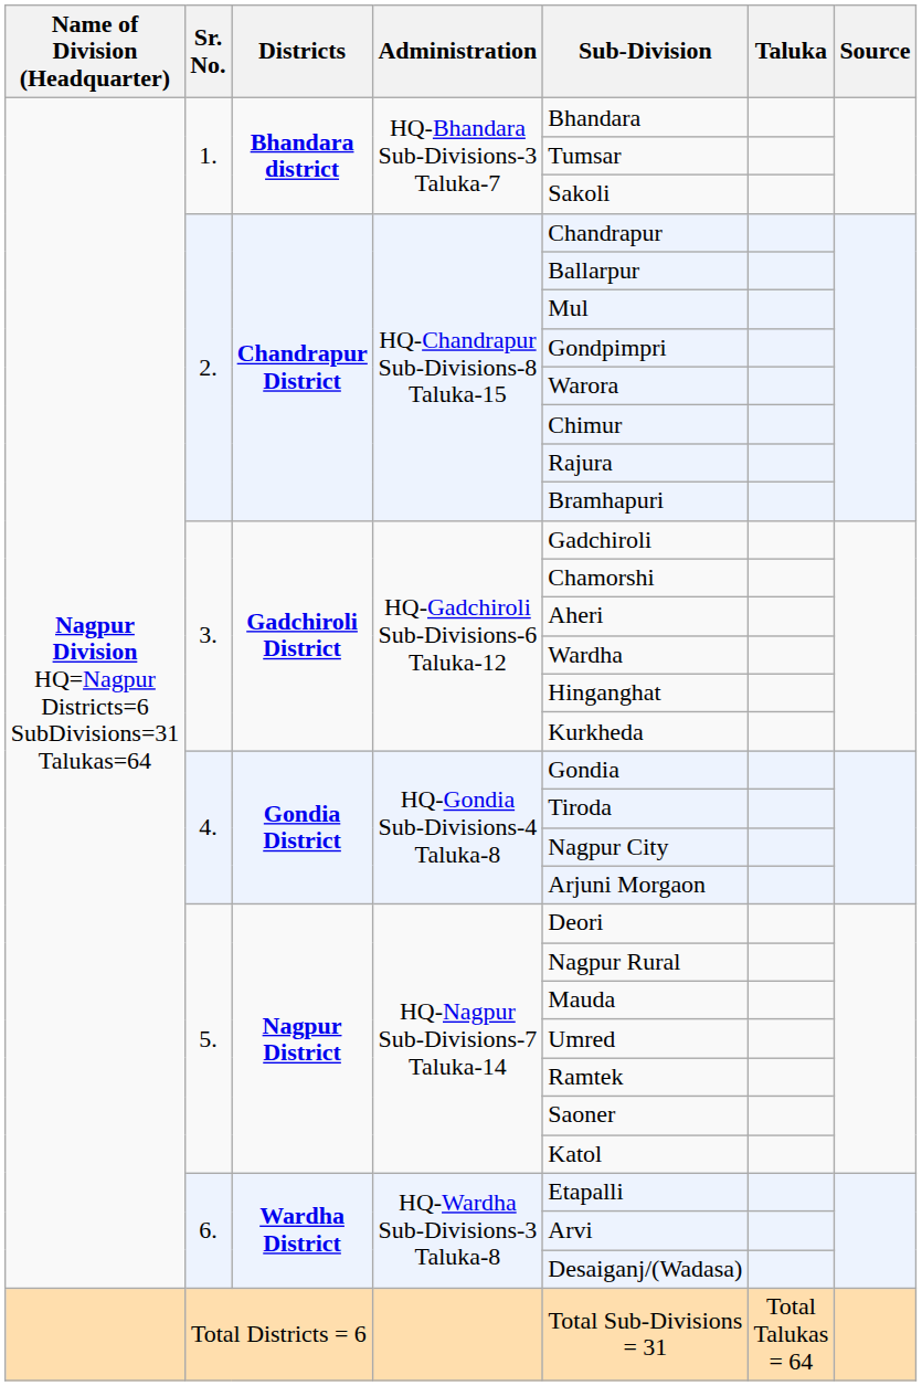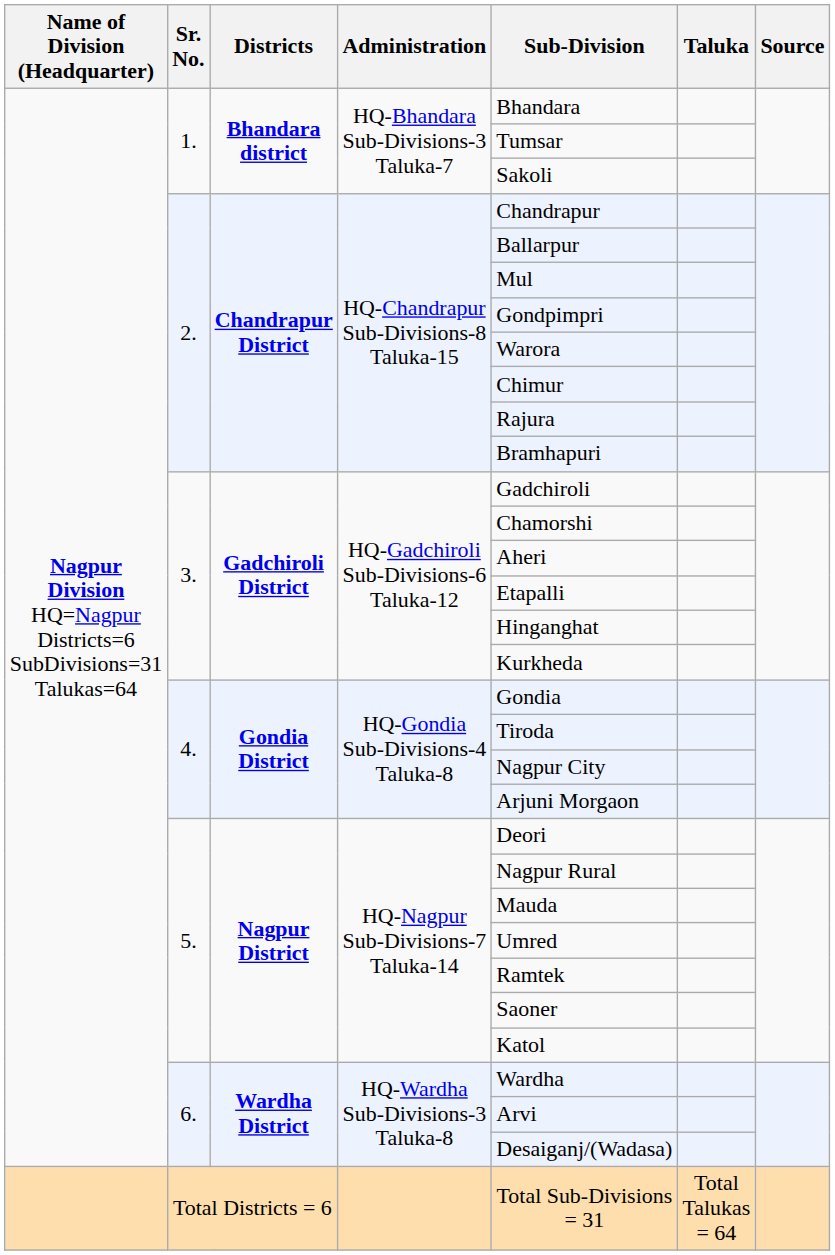 <table class=wikitable style="text-align:left" width=570px>
 <tr>
 <th>Name of Division<br>(Headquarter)</th>
 <th>Sr. No.</th>
 <th>Districts</th>
 <th>Administration</th>
 <th>Sub-Division</th>
 <th>Taluka</th>
 <th>Source</th>
 </tr>
 <tr>
 <td rowspan = 31 align = center><strong><a href='#'>Nagpur Division</a></strong> <br> HQ=<a href='#'>Nagpur</a> <br> Districts=6 <br> SubDivisions=31 <br> Talukas=64</td>
 <td rowspan = 3 align = center>1.</td>
 <td rowspan = 3 align = center><strong><a href='#'>Bhandara district</a></strong></td>
 <td rowspan = 3 align = center>HQ-<a href='#'>Bhandara</a> <br> Sub-Divisions-3 <br> Taluka-7</td>
 <td>Bhandara</td>
 <td></td>
 <td rowspan = 3 align = center></td>
 </tr>
 <tr>
 <td>Tumsar</td>
 <td></td>
 </tr>
 <tr>
 <td>Sakoli</td>
 <td></td>
 </tr>
 <tr bgcolor=#edf3fe>
 <td rowspan = 8 align = center>2.</td>
 <td rowspan = 8 align = center><strong><a href='#'>Chandrapur District</a></strong></td>
 <td rowspan = 8 align = center>HQ-<a href='#'>Chandrapur</a> <br> Sub-Divisions-8 <br> Taluka-15</td>
 <td>Chandrapur</td>
 <td></td>
 <td rowspan = 8 align = center></td>
 </tr>
 <tr bgcolor=#edf3fe>
 <td>Ballarpur</td>
 <td></td>
 </tr>
 <tr bgcolor=#edf3fe>
 <td>Mul</td>
 <td></td>
 </tr>
 <tr bgcolor=#edf3fe>
 <td>Gondpimpri</td>
 <td></td>
 </tr>
 <tr bgcolor=#edf3fe>
 <td>Warora</td>
 <td></td>
 </tr>
 <tr bgcolor=#edf3fe>
 <td>Chimur</td>
 <td></td>
 </tr>
 <tr bgcolor=#edf3fe>
 <td>Rajura</td>
 <td></td>
 </tr>
 <tr bgcolor=#edf3fe>
 <td>Bramhapuri</td>
 <td></td>
 </tr>
 <tr>
 <td rowspan = 6 align = center>3.</td>
 <td rowspan = 6 align = center><strong><a href='#'>Gadchiroli District</a></strong></td>
 <td rowspan = 6 align = center>HQ-<a href='#'>Gadchiroli</a> <br> Sub-Divisions-6 <br> Taluka-12</td>
 <td>Gadchiroli</td>
 <td></td>
 <td rowspan = 6 align = center></td>
 </tr>
 <tr>
 <td>Chamorshi</td>
 <td></td>
 </tr>
 <tr>
 <td>Aheri</td>
 <td></td>
 </tr>
 <tr>
-<td>Wardha</td>
+<td>Etapalli</td>
 <td></td>
 </tr>
 <tr>
 <td>Hinganghat</td>
 <td></td>
 </tr>
 <tr>
 <td>Kurkheda</td>
 <td></td>
 </tr>
 <tr bgcolor=#edf3fe>
 <td rowspan = 4 align = center>4.</td>
 <td rowspan = 4 align = center><strong><a href='#'>Gondia District</a></strong></td>
 <td rowspan = 4 align = center>HQ-<a href='#'>Gondia</a> <br> Sub-Divisions-4 <br> Taluka-8</td>
 <td>Gondia</td>
 <td></td>
 <td rowspan = 4 align = center></td>
 </tr>
 <tr bgcolor=#edf3fe>
 <td>Tiroda</td>
 <td></td>
 </tr>
 <tr bgcolor=#edf3fe>
 <td>Nagpur City</td>
 <td></td>
 </tr>
 <tr bgcolor=#edf3fe>
 <td>Arjuni Morgaon</td>
 <td></td>
 </tr>
 <tr>
 <td rowspan = 7 align = center>5.</td>
 <td rowspan = 7 align = center><strong><a href='#'>Nagpur District</a></strong></td>
 <td rowspan = 7 align = center>HQ-<a href='#'>Nagpur</a> <br> Sub-Divisions-7 <br> Taluka-14</td>
 <td>Deori</td>
 <td></td>
 <td rowspan = 7 align = center></td>
 </tr>
 <tr>
 <td>Nagpur Rural</td>
 <td></td>
 </tr>
 <tr>
 <td>Mauda</td>
 <td></td>
 </tr>
 <tr>
 <td>Umred</td>
 <td></td>
 </tr>
 <tr>
 <td>Ramtek</td>
 <td></td>
 </tr>
 <tr>
 <td>Saoner</td>
 <td></td>
 </tr>
 <tr>
 <td>Katol</td>
 <td></td>
 </tr>
 <tr bgcolor=#edf3fe>
 <td rowspan = 3 align = center>6.</td>
 <td rowspan = 3 align = center><strong><a href='#'>Wardha District</a></strong></td>
 <td rowspan = 3 align = center>HQ-<a href='#'>Wardha</a> <br> Sub-Divisions-3 <br> Taluka-8</td>
-<td>Etapalli</td>
+<td>Wardha</td>
 <td></td>
 <td rowspan = 3 align = center></td>
 </tr>
 <tr bgcolor=#edf3fe>
 <td>Arvi</td>
 <td></td>
 </tr>
 <tr bgcolor=#edf3fe>
 <td>Desaiganj/(Wadasa)</td>
 <td></td>
 </tr>
 <tr>
 <td colspan = 1 align = center style="background: #ffdead;"></td>
 <td colspan = 2 align = center style="background: #ffdead;">Total Districts = 6</td>
 <td colspan = 1 align = center style="background: #ffdead;"></td>
 <td colspan = 1 align = center style="background: #ffdead;">Total Sub-Divisions = 31</td>
 <td colspan = 1 align = center style="background: #ffdead;">Total Talukas = 64</td>
 <td colspan = 1 align = center style="background: #ffdead;"></td>
 </tr>
 </table>
